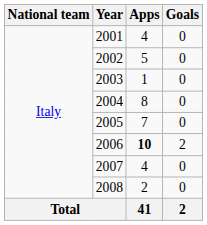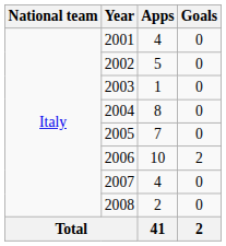 <table class=wikitable style="text-align: center;">
 <tr>
 <th>National team</th>
 <th>Year</th>
 <th>Apps</th>
 <th>Goals</th>
 </tr>
 <tr>
 <td rowspan=8><a href='#'>Italy</a></td>
 <td>2001</td>
 <td>4</td>
 <td>0</td>
 </tr>
 <tr>
 <td>2002</td>
 <td>5</td>
 <td>0</td>
 </tr>
 <tr>
 <td>2003</td>
 <td>1</td>
 <td>0</td>
 </tr>
 <tr>
 <td>2004</td>
 <td>8</td>
 <td>0</td>
 </tr>
 <tr>
 <td>2005</td>
 <td>7</td>
 <td>0</td>
 </tr>
 <tr>
 <td>2006</td>
-<td><strong>10</strong></td>
+<td>10</td>
 <td>2</td>
 </tr>
 <tr>
 <td>2007</td>
 <td>4</td>
 <td>0</td>
 </tr>
 <tr>
 <td>2008</td>
 <td>2</td>
 <td>0</td>
 </tr>
 <tr>
 <th colspan=2>Total</th>
 <th>41</th>
 <th>2</th>
 </tr>
 </table>
